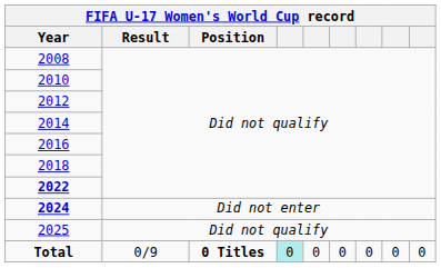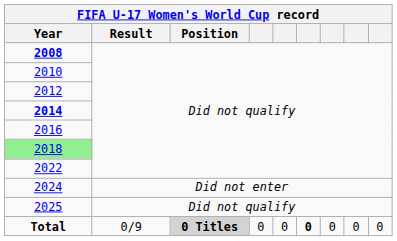 <table class="wikitable" style="text-align: center;">
 <tr>
 <th colspan="9"><a href='#'>FIFA U-17 Women's World Cup</a> record</th>
 </tr>
 <tr>
 <th width="90">Year</th>
 <th width="80">Result</th>
 <th width="80">Position</th>
 <th width="20"></th>
 <th width="20"></th>
 <th width="20"></th>
 <th width="20"></th>
 <th width="20"></th>
 <th width="20"></th>
 </tr>
 <tr>
-<td> <a href='#'>2008</a></td>
+<td><strong> <a href='#'>2008</a></strong></td>
 <td rowspan=7 colspan=8><em>Did not qualify</em></td>
 </tr>
 <tr>
 <td> <a href='#'>2010</a></td>
 </tr>
 <tr>
 <td> <a href='#'>2012</a></td>
 </tr>
 <tr>
-<td> <a href='#'>2014</a></td>
+<td><strong> <a href='#'>2014</a></strong></td>
 </tr>
 <tr>
 <td> <a href='#'>2016</a></td>
 </tr>
 <tr>
-<td> <a href='#'>2018</a></td>
+<td style="background: lightgreen;"> <a href='#'>2018</a></td>
 </tr>
 <tr>
-<td><strong> <a href='#'>2022</a></strong></td>
+<td> <a href='#'>2022</a></td>
 </tr>
 <tr>
-<td><strong> <a href='#'>2024</a></strong></td>
+<td> <a href='#'>2024</a></td>
 <td colspan=8><em>Did not enter</em></td>
 </tr>
 <tr>
 <td> <a href='#'>2025</a></td>
 <td colspan=8><em>Did not qualify</em></td>
 </tr>
 <tr>
 <td><strong>Total</strong></td>
 <td>0/9</td>
-<td><strong>0 Titles</strong></td>
-<td style="background: paleturquoise;">0</td>
+<td style="background: lightgrey;"><strong>0 Titles</strong></td>
 <td>0</td>
 <td>0</td>
+<td><strong>0</strong></td>
 <td>0</td>
 <td>0</td>
 <td>0</td>
 </tr>
 </table>
